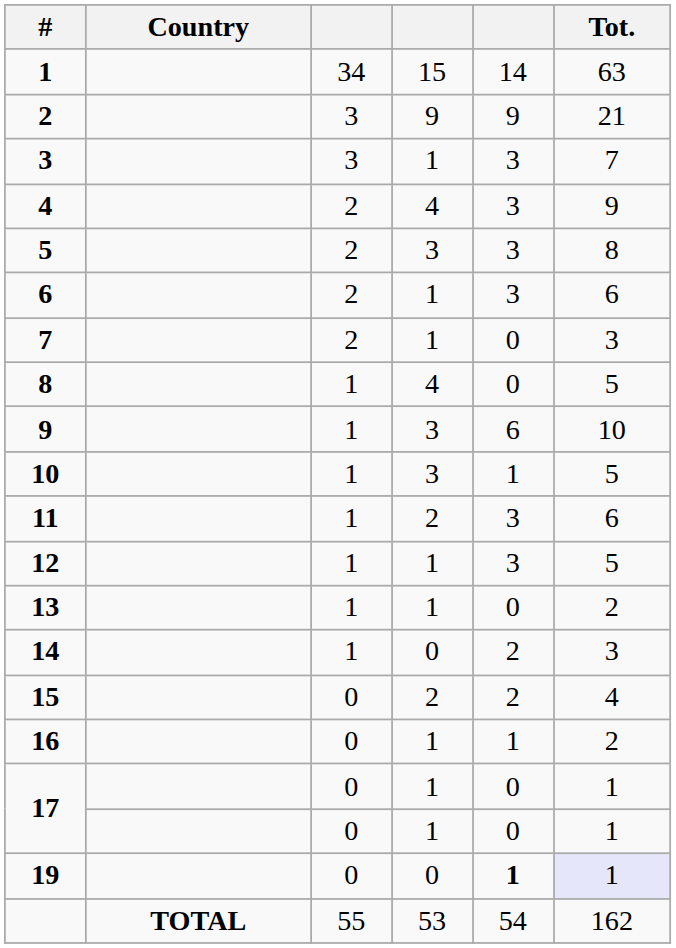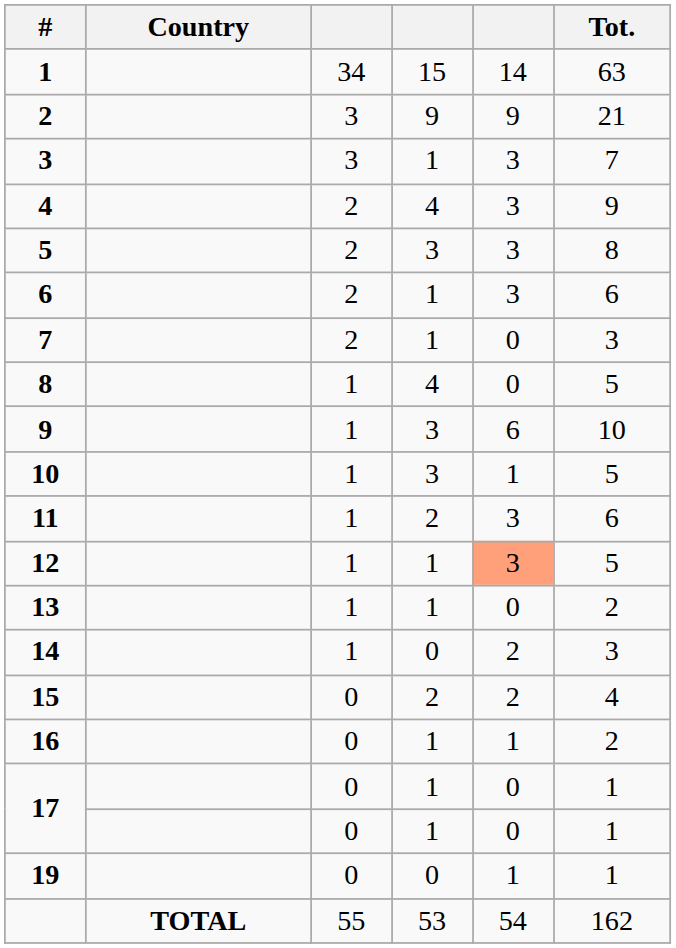 <table class="wikitable" width=30% style="font-size:100%; text-align:center;">
 <tr>
 <th>#</th>
 <th>Country</th>
 <th></th>
 <th></th>
 <th></th>
 <th>Tot.</th>
 </tr>
 <tr>
 <td><strong>1</strong></td>
 <td align=left></td>
 <td>34</td>
 <td>15</td>
 <td>14</td>
 <td>63</td>
 </tr>
 <tr>
 <td><strong>2</strong></td>
 <td align=left></td>
 <td>3</td>
 <td>9</td>
 <td>9</td>
 <td>21</td>
 </tr>
 <tr>
 <td><strong>3</strong></td>
 <td align=left></td>
 <td>3</td>
 <td>1</td>
 <td>3</td>
 <td>7</td>
 </tr>
 <tr>
 <td><strong>4</strong></td>
 <td align=left></td>
 <td>2</td>
 <td>4</td>
 <td>3</td>
 <td>9</td>
 </tr>
 <tr>
 <td><strong>5</strong></td>
 <td align=left></td>
 <td>2</td>
 <td>3</td>
 <td>3</td>
 <td>8</td>
 </tr>
 <tr>
 <td><strong>6</strong></td>
 <td align=left></td>
 <td>2</td>
 <td>1</td>
 <td>3</td>
 <td>6</td>
 </tr>
 <tr>
 <td><strong>7</strong></td>
 <td align=left></td>
 <td>2</td>
 <td>1</td>
 <td>0</td>
 <td>3</td>
 </tr>
 <tr>
 <td><strong>8</strong></td>
 <td align=left></td>
 <td>1</td>
 <td>4</td>
 <td>0</td>
 <td>5</td>
 </tr>
 <tr>
 <td><strong>9</strong></td>
 <td align=left></td>
 <td>1</td>
 <td>3</td>
 <td>6</td>
 <td>10</td>
 </tr>
 <tr>
 <td><strong>10</strong></td>
 <td align=left></td>
 <td>1</td>
 <td>3</td>
 <td>1</td>
 <td>5</td>
 </tr>
 <tr>
 <td><strong>11</strong></td>
 <td align=left></td>
 <td>1</td>
 <td>2</td>
 <td>3</td>
 <td>6</td>
 </tr>
 <tr>
 <td><strong>12</strong></td>
 <td align=left></td>
 <td>1</td>
 <td>1</td>
-<td>3</td>
+<td style="background: lightsalmon;">3</td>
 <td>5</td>
 </tr>
 <tr>
 <td><strong>13</strong></td>
 <td align=left></td>
 <td>1</td>
 <td>1</td>
 <td>0</td>
 <td>2</td>
 </tr>
 <tr>
 <td><strong>14</strong></td>
 <td align=left></td>
 <td>1</td>
 <td>0</td>
 <td>2</td>
 <td>3</td>
 </tr>
 <tr>
 <td><strong>15</strong></td>
 <td align=left></td>
 <td>0</td>
 <td>2</td>
 <td>2</td>
 <td>4</td>
 </tr>
 <tr>
 <td><strong>16</strong></td>
 <td align=left></td>
 <td>0</td>
 <td>1</td>
 <td>1</td>
 <td>2</td>
 </tr>
 <tr>
 <td rowspan=2><strong>17</strong></td>
 <td align=left></td>
 <td>0</td>
 <td>1</td>
 <td>0</td>
 <td>1</td>
 </tr>
 <tr>
 <td align=left></td>
 <td>0</td>
 <td>1</td>
 <td>0</td>
 <td>1</td>
 </tr>
 <tr>
 <td><strong>19</strong></td>
 <td align=left></td>
 <td>0</td>
 <td>0</td>
-<td><strong>1</strong></td>
-<td style="background: lavender;">1</td>
+<td>1</td>
+<td>1</td>
 </tr>
 <tr>
 <td></td>
 <td><strong>TOTAL</strong></td>
 <td>55</td>
 <td>53</td>
 <td>54</td>
 <td>162</td>
 </tr>
 </table>
